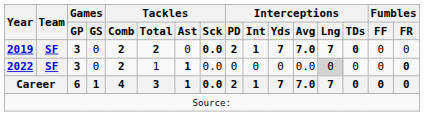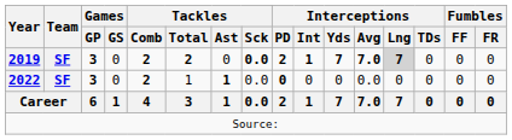 <table class="wikitable" style="text-align: center;">
 <tr>
 <th rowspan="2">Year</th>
 <th rowspan="2">Team</th>
 <th colspan="2">Games</th>
 <th colspan="4">Tackles</th>
 <th colspan="6">Interceptions</th>
 <th colspan="2">Fumbles</th>
 </tr>
 <tr>
 <th>GP</th>
 <th>GS</th>
 <th>Comb</th>
 <th>Total</th>
 <th>Ast</th>
 <th>Sck</th>
 <th>PD</th>
 <th>Int</th>
 <th>Yds</th>
 <th>Avg</th>
 <th>Lng</th>
 <th>TDs</th>
 <th>FF</th>
 <th>FR</th>
 </tr>
 <tr>
 <th><a href='#'>2019</a></th>
 <th><a href='#'>SF</a></th>
 <td><strong>3</strong></td>
 <td>0</td>
 <td><strong>2</strong></td>
 <td><strong>2</strong></td>
 <td>0</td>
 <td><strong>0.0</strong></td>
 <td><strong>2</strong></td>
 <td><strong>1</strong></td>
 <td><strong>7</strong></td>
 <td><strong>7.0</strong></td>
-<td><strong>7</strong></td>
-<td><strong>0</strong></td>
+<td style="background: lightgrey;"><strong>7</strong></td>
+<td>0</td>
 <td>0</td>
 <td>0</td>
 </tr>
 <tr>
 <th><a href='#'>2022</a></th>
 <th><a href='#'>SF</a></th>
 <td><strong>3</strong></td>
 <td>0</td>
 <td><strong>2</strong></td>
 <td>1</td>
 <td><strong>1</strong></td>
 <td>0.0</td>
+<td><strong>0</strong></td>
+<td>0</td>
+<td>0</td>
+<td>0.0</td>
 <td>0</td>
 <td>0</td>
 <td>0</td>
-<td>0.0</td>
-<td style="background: lightgrey;">0</td>
 <td>0</td>
-<td>0</td>
-<td><strong>0</strong></td>
 </tr>
 <tr>
 <th colspan="2">Career</th>
 <th>6</th>
 <th>1</th>
 <th>4</th>
 <th>3</th>
 <th>1</th>
 <th>0.0</th>
 <th>2</th>
 <th>1</th>
 <th>7</th>
 <th>7.0</th>
 <th>7</th>
 <th>0</th>
 <th>0</th>
 <th>0</th>
 </tr>
 <tr>
 <td colspan="18"><small>Source: </small></td>
 </tr>
 </table>
